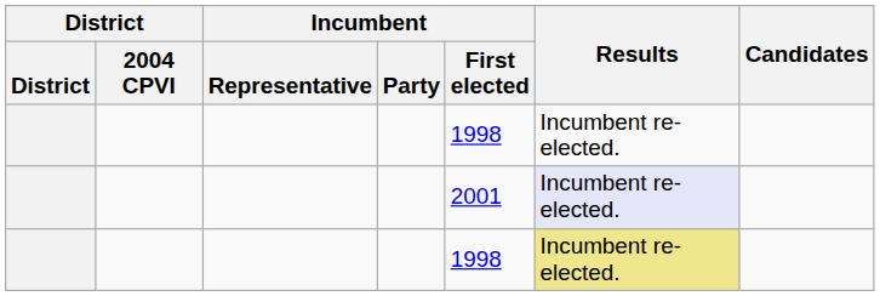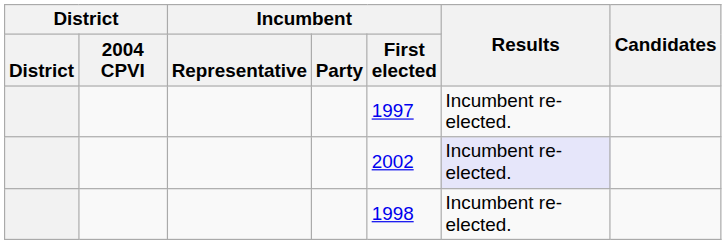 <table class="wikitable sortable">
 <tr>
 <th colspan=2>District</th>
 <th colspan=3>Incumbent</th>
 <th rowspan=2>Results</th>
 <th rowspan=2>Candidates</th>
 </tr>
 <tr valign=bottom>
 <th>District</th>
 <th>2004 CPVI</th>
 <th>Representative</th>
 <th>Party</th>
 <th>First<br>elected</th>
 </tr>
 <tr>
 <th></th>
 <td></td>
 <td></td>
 <td></td>
-<td><a href='#'>1998</a></td>
+<td><a href='#'>1997</a></td>
 <td>Incumbent re-elected.</td>
 <td nowrap></td>
 </tr>
 <tr>
 <th></th>
 <td></td>
 <td></td>
 <td></td>
-<td><a href='#'>2001</a></td>
+<td><a href='#'>2002</a></td>
 <td style="background: lavender;">Incumbent re-elected.</td>
 <td nowrap></td>
 </tr>
 <tr>
 <th></th>
 <td></td>
 <td></td>
 <td></td>
 <td><a href='#'>1998</a></td>
-<td style="background: khaki;">Incumbent re-elected.</td>
+<td>Incumbent re-elected.</td>
 <td nowrap></td>
 </tr>
 </table>
